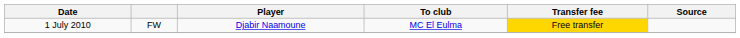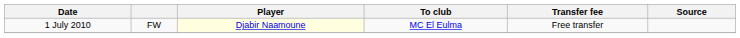 <table class="wikitable sortable" style="width:70%; text-align:center; font-size:85%; text-align:centre;">
 <tr>
 <th>Date</th>
 <th></th>
 <th>Player</th>
 <th>To club</th>
 <th>Transfer fee</th>
 <th>Source</th>
 </tr>
 <tr>
 <td>1 July 2010</td>
 <td>FW</td>
-<td> <a href='#'>Djabir Naamoune</a></td>
+<td style="background: lightyellow;"> <a href='#'>Djabir Naamoune</a></td>
 <td><a href='#'>MC El Eulma</a></td>
-<td style="background: gold;">Free transfer</td>
+<td>Free transfer</td>
 <td></td>
 </tr>
 <tr>
 </tr>
 </table>
